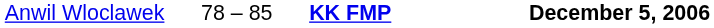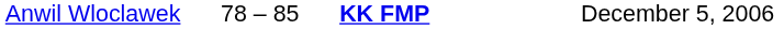 <table style="text-align:center">
 <tr>
 <th width=160></th>
 <th width=100></th>
 <th width=160></th>
 <th width=200></th>
 </tr>
 <tr>
 <td align=right><a href='#'>Anwil Wloclawek</a> </td>
 <td>78 – 85</td>
 <td align=left> <strong><a href='#'>KK FMP</a></strong></td>
-<td align=left><strong>December 5, 2006</strong></td>
+<td align=left>December 5, 2006</td>
 </tr>
 </table>
